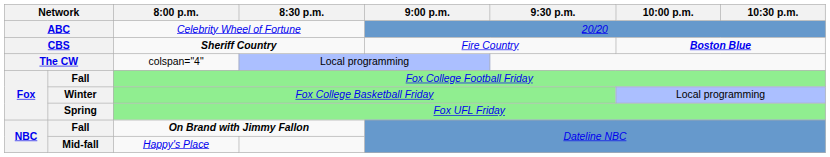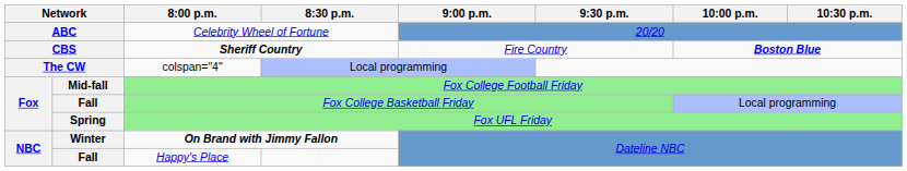 <table class="wikitable" style="width:100%;margin-right:0;text-align:center">
 <tr>
 <th colspan="2" style="width:13%;">Network</th>
 <th style="width:15%;">8:00 p.m.</th>
 <th style="width:15%;">8:30 p.m.</th>
 <th style="width:15%;">9:00 p.m.</th>
 <th style="width:15%;">9:30 p.m.</th>
 <th style="width:12.5%;">10:00 p.m.</th>
 <th style="width:12.5%;">10:30 p.m.</th>
 </tr>
 <tr>
 <th colspan="2"><a href='#'>ABC</a></th>
 <td colspan="2"><em><a href='#'>Celebrity Wheel of Fortune</a></em></td>
 <td colspan="4" style="background:#6699CC;"><em><a href='#'>20/20</a></em></td>
 </tr>
 <tr>
 <th colspan="2"><a href='#'>CBS</a></th>
 <td colspan="2"><strong><em>Sheriff Country</em></strong></td>
 <td colspan="2"><em><a href='#'>Fire Country</a></em></td>
 <td colspan="2"><strong><em><a href='#'>Boston Blue</a></em></strong></td>
 </tr>
 <tr>
 <th colspan="2"><a href='#'>The CW</a></th>
 <td>colspan="4" </td>
 <td colspan="2" style="background:#abbfff;">Local programming</td>
 </tr>
 <tr>
 <th rowspan="3"><a href='#'>Fox</a></th>
-<th>Fall</th>
+<th>Mid-fall</th>
 <td colspan="6" style="background:lightgreen"><em><a href='#'>Fox College Football Friday</a></em>  </td>
 </tr>
 <tr>
-<th>Winter</th>
+<th>Fall</th>
 <td colspan="4" style="background:lightgreen"><em><a href='#'>Fox College Basketball Friday</a></em></td>
 <td colspan="2" style="background:#abbfff;">Local programming</td>
 </tr>
 <tr>
 <th>Spring</th>
 <td colspan="6" style="background:lightgreen"><em><a href='#'>Fox UFL Friday</a></em></td>
 </tr>
 <tr>
 <th rowspan="2"><a href='#'>NBC</a></th>
-<th>Fall</th>
+<th>Winter</th>
 <td colspan="2"><strong><em>On Brand with Jimmy Fallon</em></strong></td>
 <td rowspan="2" colspan="4" style="background:#6699CC;"><em><a href='#'>Dateline NBC</a></em></td>
 </tr>
 <tr>
-<th>Mid-fall</th>
+<th>Fall</th>
 <td><em><a href='#'>Happy's Place</a></em></td>
 <td></td>
 </tr>
 </table>
